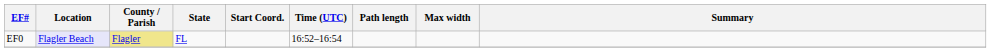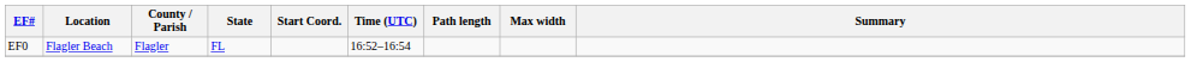 <table class="wikitable sortable" style="width:100%;">
 <tr>
 <th scope="col"  style="width:3%; text-align:center;"><a href='#'>EF#</a></th>
 <th scope="col"  style="width:7%; text-align:center;" class="unsortable">Location</th>
 <th scope="col"  style="width:6%; text-align:center;" class="unsortable">County / Parish</th>
 <th scope="col"  style="width:5%; text-align:center;">State</th>
 <th scope="col"  style="width:6%; text-align:center;">Start Coord.</th>
 <th scope="col"  style="width:6%; text-align:center;">Time (<a href='#'>UTC</a>)</th>
 <th scope="col"  style="width:6%; text-align:center;">Path length</th>
 <th scope="col"  style="width:6%; text-align:center;">Max width</th>
 <th scope="col" class="unsortable" style="width:48%; text-align:center;">Summary</th>
 </tr>
 <tr>
 <td>EF0</td>
-<td style="background: lavender;"><a href='#'>Flagler Beach</a></td>
-<td style="background: khaki;"><a href='#'>Flagler</a></td>
+<td><a href='#'>Flagler Beach</a></td>
+<td><a href='#'>Flagler</a></td>
 <td><a href='#'>FL</a></td>
 <td></td>
 <td>16:52–16:54</td>
 <td></td>
 <td></td>
 <td></td>
 </tr>
 <tr>
 </tr>
 </table>
